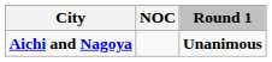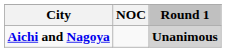 <table class="wikitable">
 <tr>
 </tr>
 <tr>
 <th>City</th>
 <th>NOC</th>
 <td align=center bgcolor="silver"><strong>Round 1</strong></td>
 </tr>
 <tr>
 <td><strong><a href='#'>Aichi</a> and <a href='#'>Nagoya</a></strong></td>
 <td><strong></strong></td>
-<td><strong>Unanimous</strong></td>
+<td style="background: lightgrey;"><strong>Unanimous</strong></td>
 </tr>
 </table>
